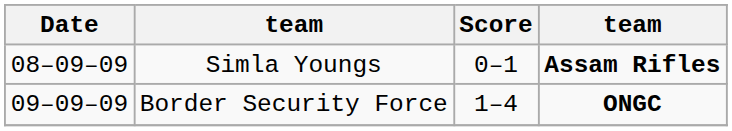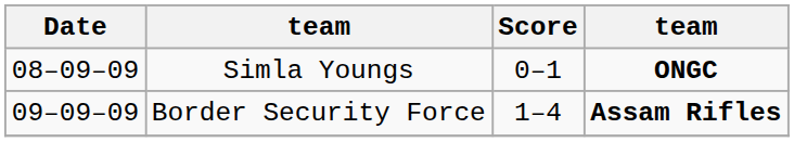 <table class="wikitable" style="text-align: center">
 <tr>
 <th>Date</th>
 <th>team</th>
 <th>Score</th>
 <th>team</th>
 </tr>
 <tr>
 <td>08–09–09</td>
 <td>Simla Youngs</td>
 <td>0–1</td>
-<td><strong>Assam Rifles</strong></td>
+<td><strong>ONGC</strong></td>
 </tr>
 <tr>
 <td>09–09–09</td>
 <td>Border Security Force</td>
 <td>1–4</td>
-<td><strong>ONGC</strong></td>
+<td><strong>Assam Rifles</strong></td>
 </tr>
 <tr>
 </tr>
 </table>
